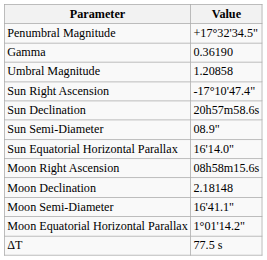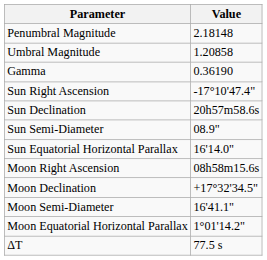 <table class="wikitable">
 <tr>
 <th>Parameter</th>
 <th>Value</th>
 </tr>
 <tr>
 <td>Penumbral Magnitude</td>
-<td>+17°32'34.5"</td>
+<td>2.18148</td>
+</tr>
+<tr>
+<td>Umbral Magnitude</td>
+<td>1.20858</td>
 </tr>
 <tr>
 <td>Gamma</td>
 <td>0.36190</td>
-</tr>
-<tr>
-<td>Umbral Magnitude</td>
-<td>1.20858</td>
 </tr>
 <tr>
 <td>Sun Right Ascension</td>
 <td>-17°10'47.4"</td>
 </tr>
 <tr>
 <td>Sun Declination</td>
 <td>20h57m58.6s</td>
 </tr>
 <tr>
 <td>Sun Semi-Diameter</td>
 <td>08.9"</td>
 </tr>
 <tr>
 <td>Sun Equatorial Horizontal Parallax</td>
 <td>16'14.0"</td>
 </tr>
 <tr>
 <td>Moon Right Ascension</td>
 <td>08h58m15.6s</td>
 </tr>
 <tr>
 <td>Moon Declination</td>
-<td>2.18148</td>
+<td>+17°32'34.5"</td>
 </tr>
 <tr>
 <td>Moon Semi-Diameter</td>
 <td>16'41.1"</td>
 </tr>
 <tr>
 <td>Moon Equatorial Horizontal Parallax</td>
 <td>1°01'14.2"</td>
 </tr>
 <tr>
 <td>ΔT</td>
 <td>77.5 s</td>
 </tr>
 </table>
